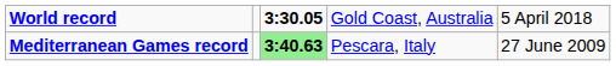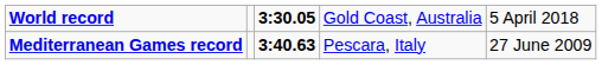 <table class="wikitable">
 <tr>
 <td><strong><a href='#'>World record</a></strong></td>
 <td></td>
 <td><strong>3:30.05</strong></td>
 <td><a href='#'>Gold Coast</a>, <a href='#'>Australia</a></td>
 <td>5 April 2018</td>
 </tr>
 <tr>
 <td><strong><a href='#'>Mediterranean Games record</a></strong></td>
 <td></td>
-<td style="background: lightgreen;"><strong>3:40.63</strong></td>
+<td><strong>3:40.63</strong></td>
 <td><a href='#'>Pescara</a>, <a href='#'>Italy</a></td>
 <td>27 June 2009</td>
 </tr>
 </table>
